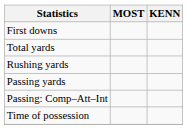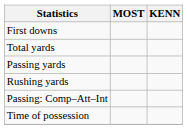 <table class="wikitable" style="float: left;">
 <tr>
 <th>Statistics</th>
 <th>MOST</th>
 <th>KENN</th>
 </tr>
 <tr>
 <td>First downs</td>
 <td></td>
 <td></td>
 </tr>
 <tr>
 <td>Total yards</td>
 <td></td>
 <td></td>
 </tr>
 <tr>
-<td>Rushing yards</td>
+<td>Passing yards</td>
 <td></td>
 <td></td>
 </tr>
 <tr>
-<td>Passing yards</td>
+<td>Rushing yards</td>
 <td></td>
 <td></td>
 </tr>
 <tr>
 <td>Passing: Comp–Att–Int</td>
 <td></td>
 <td></td>
 </tr>
 <tr>
 <td>Time of possession</td>
 <td></td>
 <td></td>
 </tr>
 <tr>
 </tr>
 </table>
